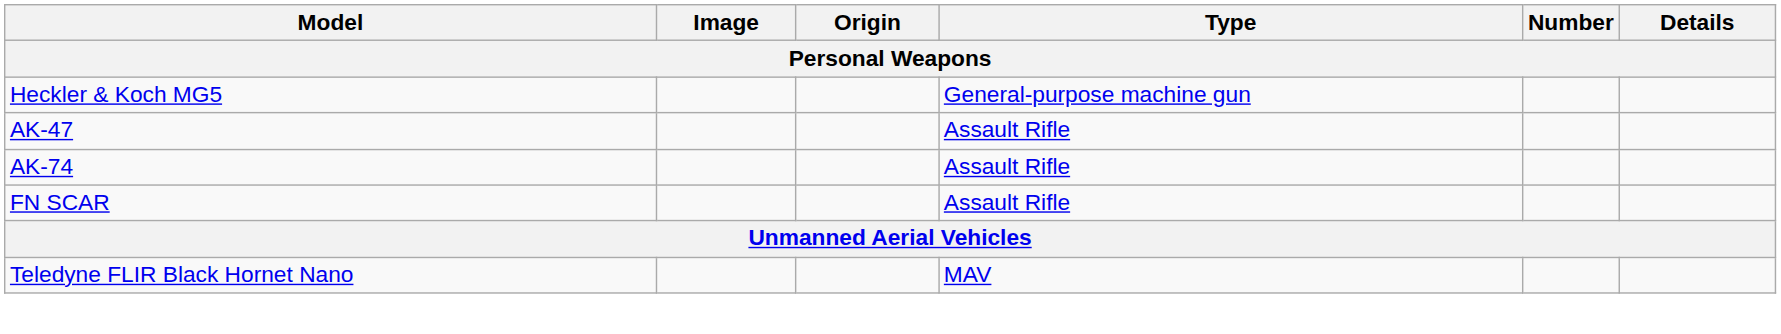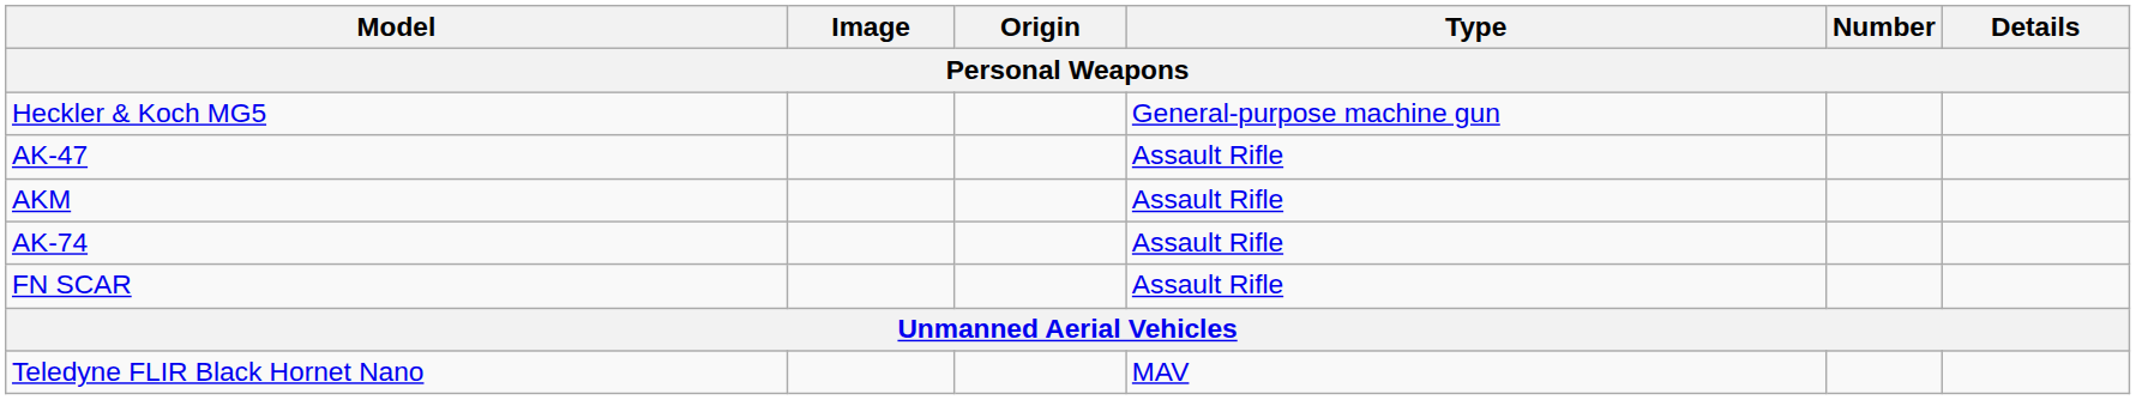 <table class="wikitable">
 <tr>
 <th>Model</th>
 <th>Image</th>
 <th>Origin</th>
 <th>Type</th>
 <th style="width:5%;">Number</th>
 <th>Details</th>
 </tr>
 <tr>
 <th colspan="6" style="align: center;">Personal Weapons</th>
 </tr>
 <tr>
 <td><a href='#'>Heckler & Koch MG5</a></td>
 <td></td>
 <td></td>
 <td><a href='#'>General-purpose machine gun</a></td>
 <td></td>
 <td></td>
 </tr>
 <tr>
 <td><a href='#'>AK-47</a></td>
+<td></td>
+<td></td>
+<td><a href='#'>Assault Rifle</a></td>
+<td></td>
+<td></td>
+</tr>
+<tr>
+<td><a href='#'>AKM</a></td>
 <td></td>
 <td></td>
 <td><a href='#'>Assault Rifle</a></td>
 <td></td>
 <td></td>
 </tr>
 <tr>
 <td><a href='#'>AK-74</a></td>
 <td></td>
 <td></td>
 <td><a href='#'>Assault Rifle</a></td>
 <td></td>
 <td></td>
 </tr>
 <tr>
 <td><a href='#'>FN SCAR</a></td>
 <td></td>
 <td></td>
 <td><a href='#'>Assault Rifle</a></td>
 <td></td>
 <td></td>
 </tr>
 <tr>
 <th colspan="6" style="align: center;"><a href='#'>Unmanned Aerial Vehicles</a></th>
 </tr>
 <tr>
 <td><a href='#'>Teledyne FLIR Black Hornet Nano</a></td>
 <td></td>
 <td></td>
 <td><a href='#'>MAV</a></td>
 <td></td>
 <td></td>
 </tr>
 </table>
